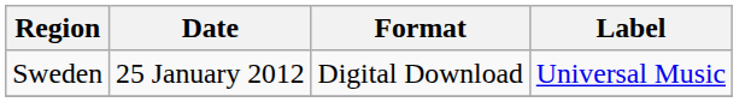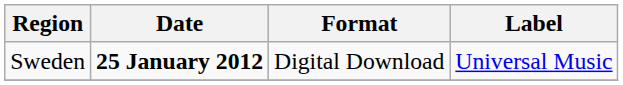 <table class=wikitable>
 <tr>
 <th>Region</th>
 <th>Date</th>
 <th>Format</th>
 <th>Label</th>
 </tr>
 <tr>
 <td>Sweden</td>
-<td>25 January 2012</td>
+<td><strong>25 January 2012</strong></td>
 <td>Digital Download</td>
 <td><a href='#'>Universal Music</a></td>
 </tr>
 <tr>
 </tr>
 </table>
